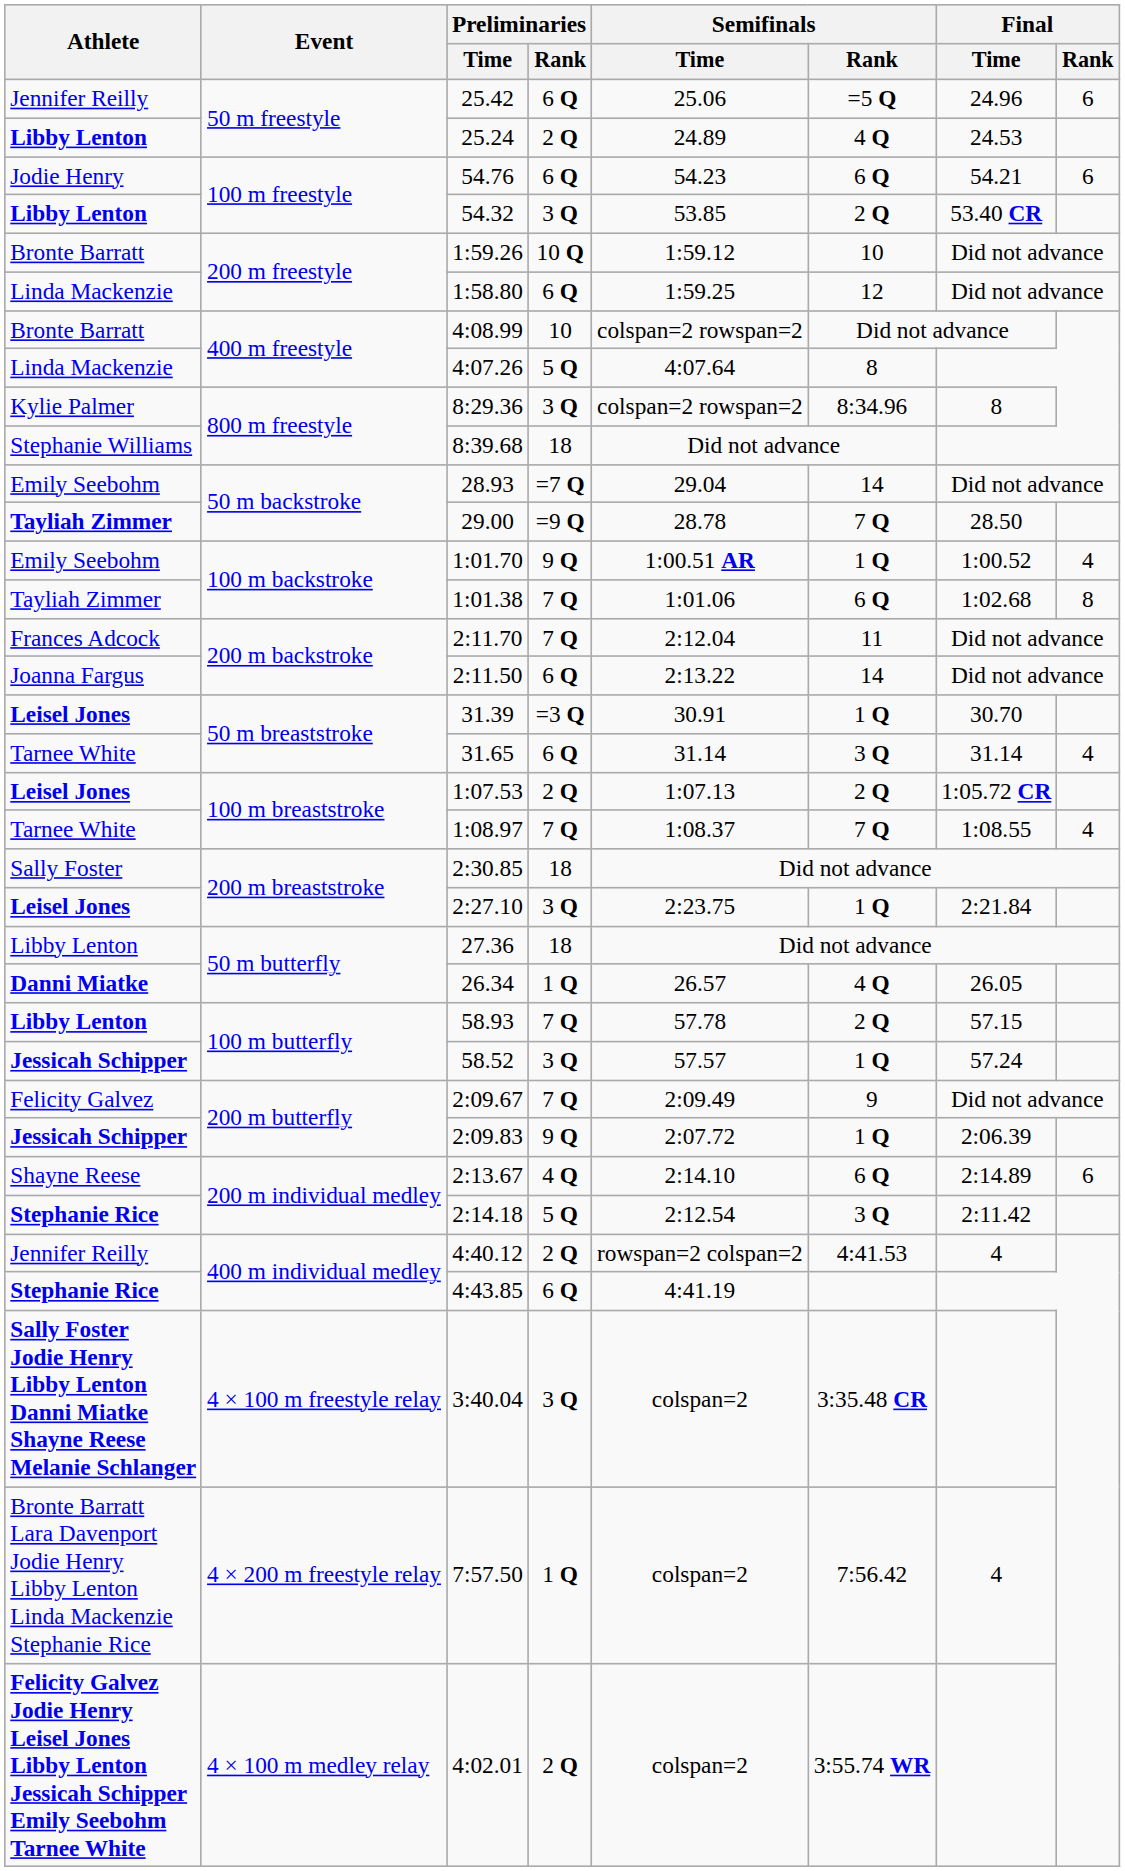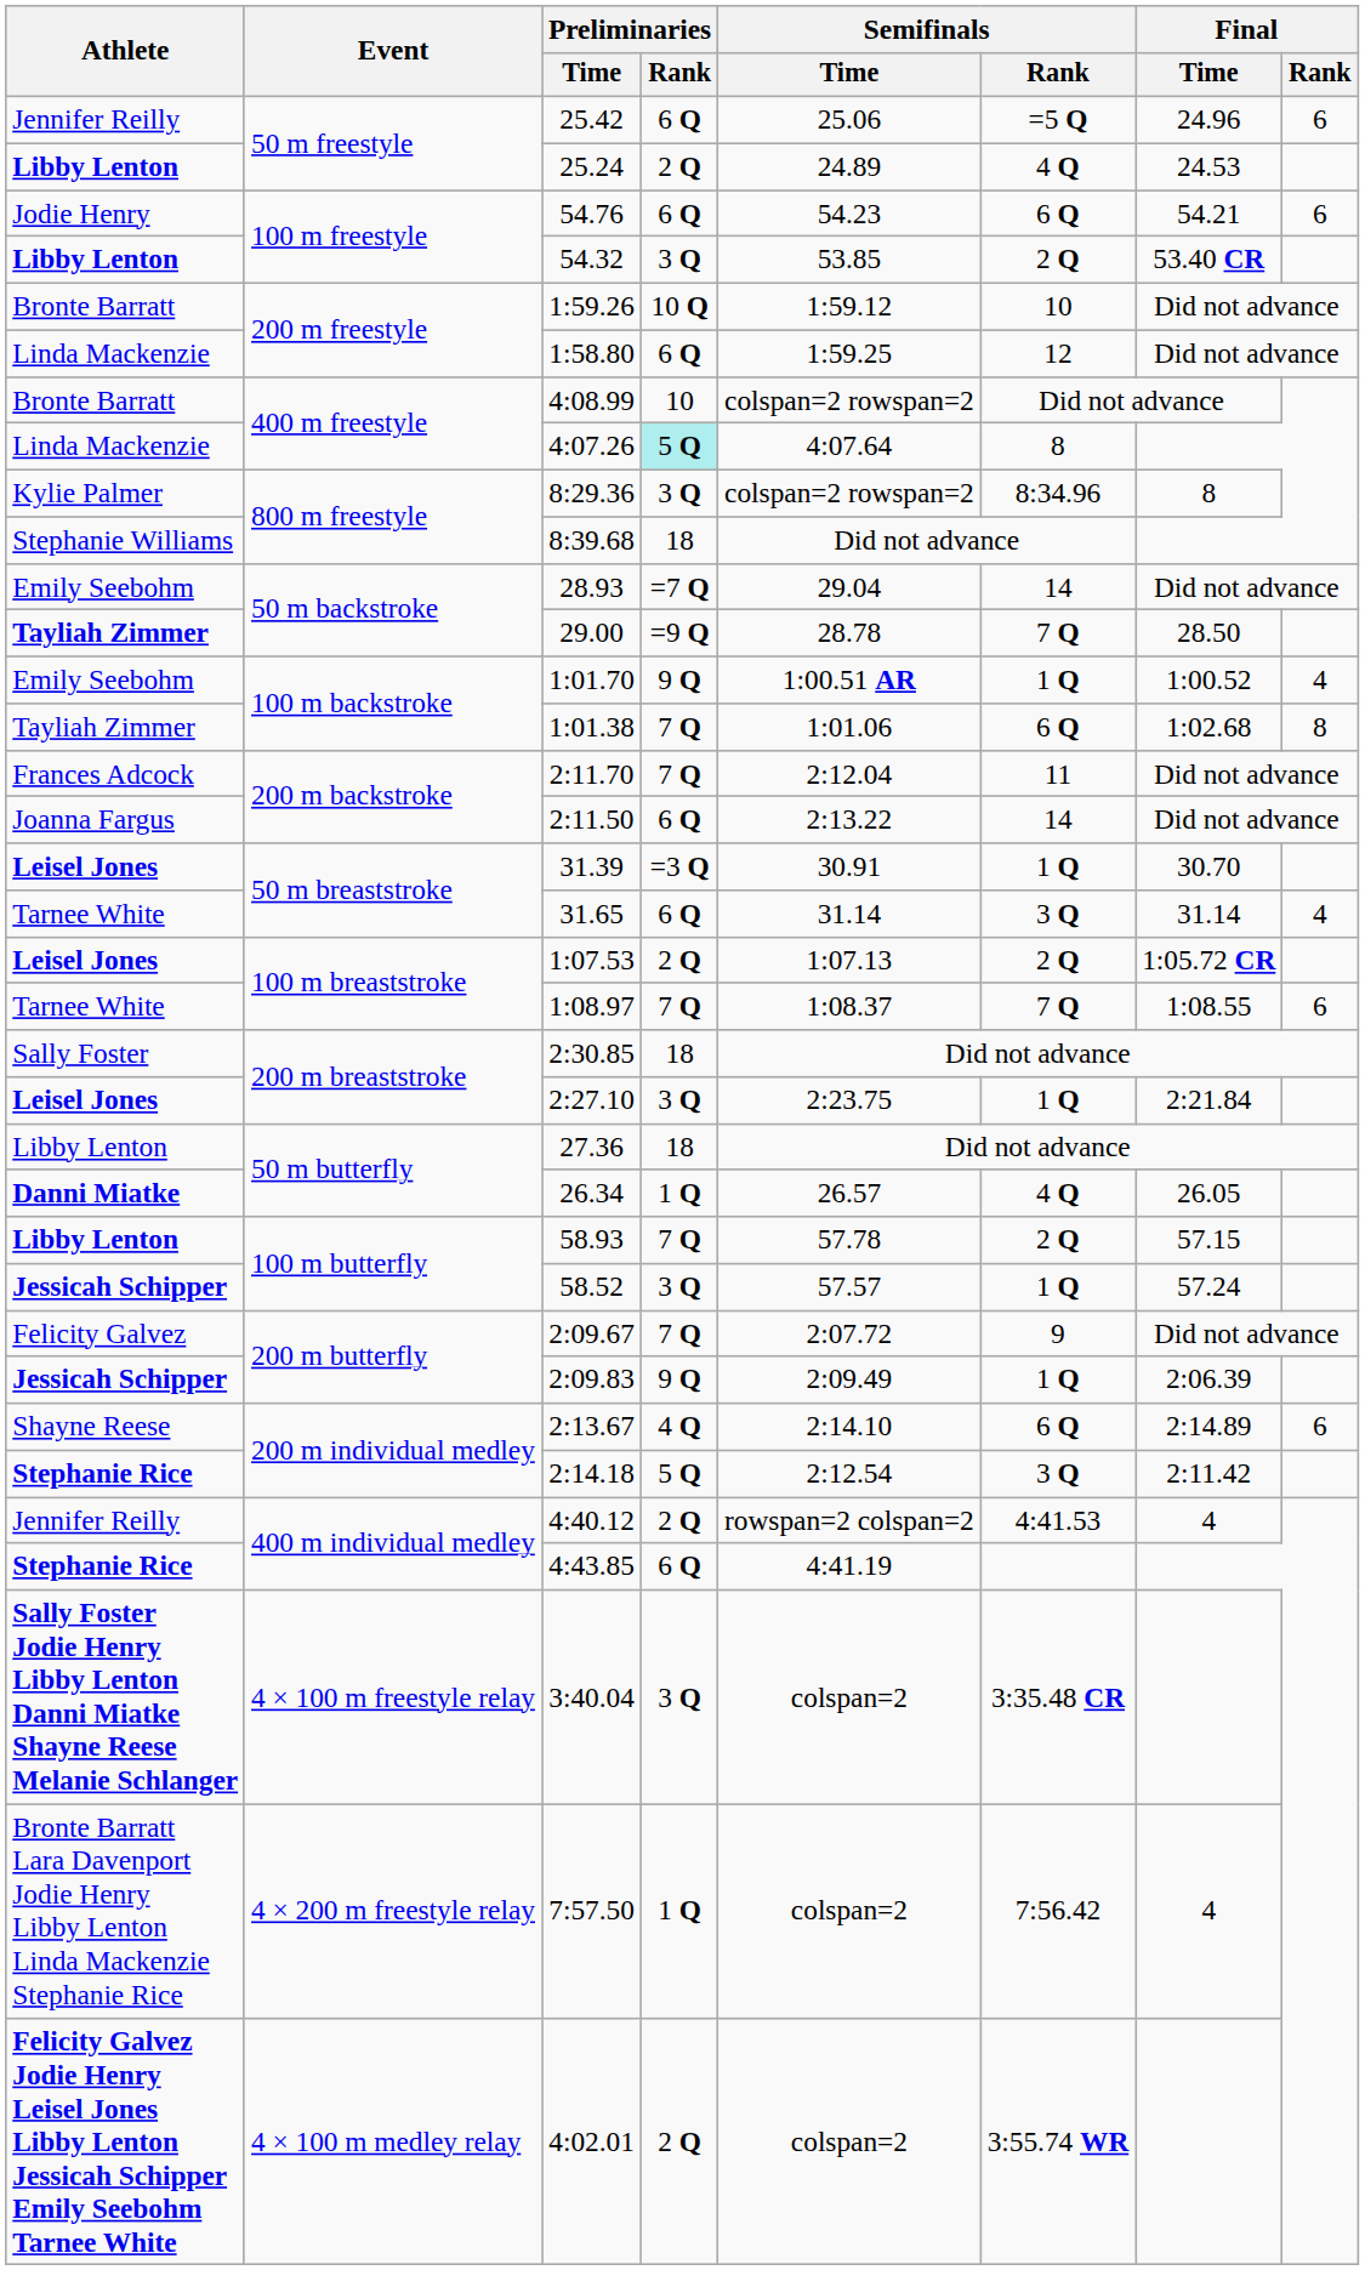 <table class="wikitable" style="text-align:center; font-size:90%">
 <tr>
 <th rowspan=2>Athlete</th>
 <th rowspan=2>Event</th>
 <th colspan=2>Preliminaries</th>
 <th colspan=2>Semifinals</th>
 <th colspan=2>Final</th>
 </tr>
 <tr style="font-size:95%">
 <th>Time</th>
 <th>Rank</th>
 <th>Time</th>
 <th>Rank</th>
 <th>Time</th>
 <th>Rank</th>
 </tr>
 <tr>
 <td align=left><a href='#'>Jennifer Reilly</a></td>
 <td align=left rowspan=2><a href='#'>50 m freestyle</a></td>
 <td>25.42</td>
 <td>6 <strong>Q</strong></td>
 <td>25.06</td>
 <td>=5 <strong>Q</strong></td>
 <td>24.96</td>
 <td>6</td>
 </tr>
 <tr>
 <td align=left><strong><a href='#'>Libby Lenton</a></strong></td>
 <td>25.24</td>
 <td>2 <strong>Q</strong></td>
 <td>24.89</td>
 <td>4 <strong>Q</strong></td>
 <td>24.53</td>
 <td></td>
 </tr>
 <tr>
 <td align=left><a href='#'>Jodie Henry</a></td>
 <td align=left rowspan=2><a href='#'>100 m freestyle</a></td>
 <td>54.76</td>
 <td>6 <strong>Q</strong></td>
 <td>54.23</td>
 <td>6 <strong>Q</strong></td>
 <td>54.21</td>
 <td>6</td>
 </tr>
 <tr>
 <td align=left><strong><a href='#'>Libby Lenton</a></strong></td>
 <td>54.32</td>
 <td>3 <strong>Q</strong></td>
 <td>53.85</td>
 <td>2 <strong>Q</strong></td>
 <td>53.40 <strong><a href='#'>CR</a></strong></td>
 <td></td>
 </tr>
 <tr>
 <td align=left><a href='#'>Bronte Barratt</a></td>
 <td align=left rowspan=2><a href='#'>200 m freestyle</a></td>
 <td>1:59.26</td>
 <td>10 <strong>Q</strong></td>
 <td>1:59.12</td>
 <td>10</td>
 <td colspan=2>Did not advance</td>
 </tr>
 <tr>
 <td align=left><a href='#'>Linda Mackenzie</a></td>
 <td>1:58.80</td>
 <td>6 <strong>Q</strong></td>
 <td>1:59.25</td>
 <td>12</td>
 <td colspan=2>Did not advance</td>
 </tr>
 <tr>
 <td align=left><a href='#'>Bronte Barratt</a></td>
 <td align=left rowspan=2><a href='#'>400 m freestyle</a></td>
 <td>4:08.99</td>
 <td>10</td>
 <td>colspan=2 rowspan=2 </td>
 <td colspan=2>Did not advance</td>
 </tr>
 <tr>
 <td align=left><a href='#'>Linda Mackenzie</a></td>
 <td>4:07.26</td>
-<td>5 <strong>Q</strong></td>
+<td style="background: paleturquoise;">5 <strong>Q</strong></td>
 <td>4:07.64</td>
 <td>8</td>
 </tr>
 <tr>
 <td align=left><a href='#'>Kylie Palmer</a></td>
 <td align=left rowspan=2><a href='#'>800 m freestyle</a></td>
 <td>8:29.36</td>
 <td>3 <strong>Q</strong></td>
 <td>colspan=2 rowspan=2 </td>
 <td>8:34.96</td>
 <td>8</td>
 </tr>
 <tr>
 <td align=left><a href='#'>Stephanie Williams</a></td>
 <td>8:39.68</td>
 <td>18</td>
 <td colspan=2>Did not advance</td>
 </tr>
 <tr>
 <td align=left><a href='#'>Emily Seebohm</a></td>
 <td align=left rowspan=2><a href='#'>50 m backstroke</a></td>
 <td>28.93</td>
 <td>=7 <strong>Q</strong></td>
 <td>29.04</td>
 <td>14</td>
 <td colspan=2>Did not advance</td>
 </tr>
 <tr>
 <td align=left><strong><a href='#'>Tayliah Zimmer</a></strong></td>
 <td>29.00</td>
 <td>=9 <strong>Q</strong></td>
 <td>28.78</td>
 <td>7 <strong>Q</strong></td>
 <td>28.50</td>
 <td></td>
 </tr>
 <tr>
 <td align=left><a href='#'>Emily Seebohm</a></td>
 <td align=left rowspan=2><a href='#'>100 m backstroke</a></td>
 <td>1:01.70</td>
 <td>9 <strong>Q</strong></td>
 <td>1:00.51 <strong><a href='#'>AR</a></strong></td>
 <td>1 <strong>Q</strong></td>
 <td>1:00.52</td>
 <td>4</td>
 </tr>
 <tr>
 <td align=left><a href='#'>Tayliah Zimmer</a></td>
 <td>1:01.38</td>
 <td>7 <strong>Q</strong></td>
 <td>1:01.06</td>
 <td>6 <strong>Q</strong></td>
 <td>1:02.68</td>
 <td>8</td>
 </tr>
 <tr>
 <td align=left><a href='#'>Frances Adcock</a></td>
 <td align=left rowspan=2><a href='#'>200 m backstroke</a></td>
 <td>2:11.70</td>
 <td>7 <strong>Q</strong></td>
 <td>2:12.04</td>
 <td>11</td>
 <td colspan=2>Did not advance</td>
 </tr>
 <tr>
 <td align=left><a href='#'>Joanna Fargus</a></td>
 <td>2:11.50</td>
 <td>6 <strong>Q</strong></td>
 <td>2:13.22</td>
 <td>14</td>
 <td colspan=2>Did not advance</td>
 </tr>
 <tr>
 <td align=left><strong><a href='#'>Leisel Jones</a></strong></td>
 <td align=left rowspan=2><a href='#'>50 m breaststroke</a></td>
 <td>31.39</td>
 <td>=3 <strong>Q</strong></td>
 <td>30.91</td>
 <td>1 <strong>Q</strong></td>
 <td>30.70</td>
 <td></td>
 </tr>
 <tr>
 <td align=left><a href='#'>Tarnee White</a></td>
 <td>31.65</td>
 <td>6 <strong>Q</strong></td>
 <td>31.14</td>
 <td>3 <strong>Q</strong></td>
 <td>31.14</td>
 <td>4</td>
 </tr>
 <tr>
 <td align=left><strong><a href='#'>Leisel Jones</a></strong></td>
 <td align=left rowspan=2><a href='#'>100 m breaststroke</a></td>
 <td>1:07.53</td>
 <td>2 <strong>Q</strong></td>
 <td>1:07.13</td>
 <td>2 <strong>Q</strong></td>
 <td>1:05.72 <strong><a href='#'>CR</a></strong></td>
 <td></td>
 </tr>
 <tr>
 <td align=left><a href='#'>Tarnee White</a></td>
 <td>1:08.97</td>
 <td>7 <strong>Q</strong></td>
 <td>1:08.37</td>
 <td>7 <strong>Q</strong></td>
 <td>1:08.55</td>
-<td>4</td>
+<td>6</td>
 </tr>
 <tr>
 <td align=left><a href='#'>Sally Foster</a></td>
 <td align=left rowspan=2><a href='#'>200 m breaststroke</a></td>
 <td>2:30.85</td>
 <td>18</td>
 <td colspan=4>Did not advance</td>
 </tr>
 <tr>
 <td align=left><strong><a href='#'>Leisel Jones</a></strong></td>
 <td>2:27.10</td>
 <td>3 <strong>Q</strong></td>
 <td>2:23.75</td>
 <td>1 <strong>Q</strong></td>
 <td>2:21.84</td>
 <td></td>
 </tr>
 <tr>
 <td align=left><a href='#'>Libby Lenton</a></td>
 <td align=left rowspan=2><a href='#'>50 m butterfly</a></td>
 <td>27.36</td>
 <td>18</td>
 <td colspan=4>Did not advance</td>
 </tr>
 <tr>
 <td align=left><strong><a href='#'>Danni Miatke</a></strong></td>
 <td>26.34</td>
 <td>1 <strong>Q</strong></td>
 <td>26.57</td>
 <td>4 <strong>Q</strong></td>
 <td>26.05</td>
 <td></td>
 </tr>
 <tr>
 <td align=left><strong><a href='#'>Libby Lenton</a></strong></td>
 <td align=left rowspan=2><a href='#'>100 m butterfly</a></td>
 <td>58.93</td>
 <td>7 <strong>Q</strong></td>
 <td>57.78</td>
 <td>2 <strong>Q</strong></td>
 <td>57.15</td>
 <td></td>
 </tr>
 <tr>
 <td align=left><strong><a href='#'>Jessicah Schipper</a></strong></td>
 <td>58.52</td>
 <td>3 <strong>Q</strong></td>
 <td>57.57</td>
 <td>1 <strong>Q</strong></td>
 <td>57.24</td>
 <td></td>
 </tr>
 <tr>
 <td align=left><a href='#'>Felicity Galvez</a></td>
 <td align=left rowspan=2><a href='#'>200 m butterfly</a></td>
 <td>2:09.67</td>
 <td>7 <strong>Q</strong></td>
-<td>2:09.49</td>
+<td>2:07.72</td>
 <td>9</td>
 <td colspan=2>Did not advance</td>
 </tr>
 <tr>
 <td align=left><strong><a href='#'>Jessicah Schipper</a></strong></td>
 <td>2:09.83</td>
 <td>9 <strong>Q</strong></td>
-<td>2:07.72</td>
+<td>2:09.49</td>
 <td>1 <strong>Q</strong></td>
 <td>2:06.39</td>
 <td></td>
 </tr>
 <tr>
 <td align=left><a href='#'>Shayne Reese</a></td>
 <td align=left rowspan=2><a href='#'>200 m individual medley</a></td>
 <td>2:13.67</td>
 <td>4 <strong>Q</strong></td>
 <td>2:14.10</td>
 <td>6 <strong>Q</strong></td>
 <td>2:14.89</td>
 <td>6</td>
 </tr>
 <tr>
 <td align=left><strong><a href='#'>Stephanie Rice</a></strong></td>
 <td>2:14.18</td>
 <td>5 <strong>Q</strong></td>
 <td>2:12.54</td>
 <td>3 <strong>Q</strong></td>
 <td>2:11.42</td>
 <td></td>
 </tr>
 <tr>
 <td align=left><a href='#'>Jennifer Reilly</a></td>
 <td align=left rowspan=2><a href='#'>400 m individual medley</a></td>
 <td>4:40.12</td>
 <td>2 <strong>Q</strong></td>
 <td>rowspan=2 colspan=2 </td>
 <td>4:41.53</td>
 <td>4</td>
 </tr>
 <tr>
 <td align=left><strong><a href='#'>Stephanie Rice</a></strong></td>
 <td>4:43.85</td>
 <td>6 <strong>Q</strong></td>
 <td>4:41.19</td>
 <td></td>
 </tr>
 <tr>
 <td align=left><strong><a href='#'>Sally Foster</a><br><a href='#'>Jodie Henry</a><br><a href='#'>Libby Lenton</a><br><a href='#'>Danni Miatke</a><br><a href='#'>Shayne Reese</a><br><a href='#'>Melanie Schlanger</a></strong></td>
 <td align=left><a href='#'>4 × 100 m freestyle relay</a></td>
 <td>3:40.04</td>
 <td>3 <strong>Q</strong></td>
 <td>colspan=2 </td>
 <td>3:35.48 <strong><a href='#'>CR</a></strong></td>
 <td></td>
 </tr>
 <tr>
 <td align=left><a href='#'>Bronte Barratt</a><br><a href='#'>Lara Davenport</a><br><a href='#'>Jodie Henry</a><br><a href='#'>Libby Lenton</a><br><a href='#'>Linda Mackenzie</a><br><a href='#'>Stephanie Rice</a></td>
 <td align=left><a href='#'>4 × 200 m freestyle relay</a></td>
 <td>7:57.50</td>
 <td>1 <strong>Q</strong></td>
 <td>colspan=2 </td>
 <td>7:56.42</td>
 <td>4</td>
 </tr>
 <tr>
 <td align=left><strong><a href='#'>Felicity Galvez</a><br><a href='#'>Jodie Henry</a><br><a href='#'>Leisel Jones</a><br><a href='#'>Libby Lenton</a><br><a href='#'>Jessicah Schipper</a><br><a href='#'>Emily Seebohm</a><br><a href='#'>Tarnee White</a></strong></td>
 <td align=left><a href='#'>4 × 100 m medley relay</a></td>
 <td>4:02.01</td>
 <td>2 <strong>Q</strong></td>
 <td>colspan=2 </td>
 <td>3:55.74 <strong><a href='#'>WR</a></strong></td>
 <td></td>
 </tr>
 </table>
